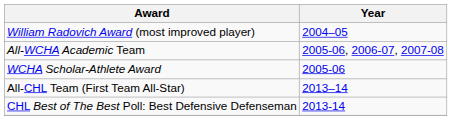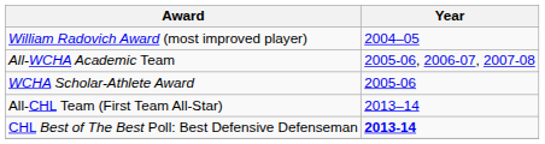 <table class="wikitable">
 <tr>
 <th>Award</th>
 <th>Year</th>
 </tr>
 <tr>
 <td><em><a href='#'>William Radovich Award</a></em> (most improved player)</td>
 <td><a href='#'>2004–05</a></td>
 </tr>
 <tr>
 <td><em>All-<a href='#'>WCHA</a> Academic</em> Team</td>
 <td><a href='#'>2005-06</a>, <a href='#'>2006-07</a>, <a href='#'>2007-08</a></td>
 </tr>
 <tr>
 <td><em><a href='#'>WCHA</a> Scholar-Athlete Award</em></td>
 <td><a href='#'>2005-06</a></td>
 </tr>
 <tr>
 <td>All-<a href='#'>CHL</a> Team (First Team All-Star)</td>
 <td><a href='#'>2013–14</a></td>
 </tr>
 <tr>
 <td><a href='#'>CHL</a> <em>Best of The Best</em> Poll: Best Defensive Defenseman</td>
-<td><a href='#'>2013-14</a></td>
+<td><strong><a href='#'>2013-14</a></strong></td>
 </tr>
 <tr>
 </tr>
 </table>
